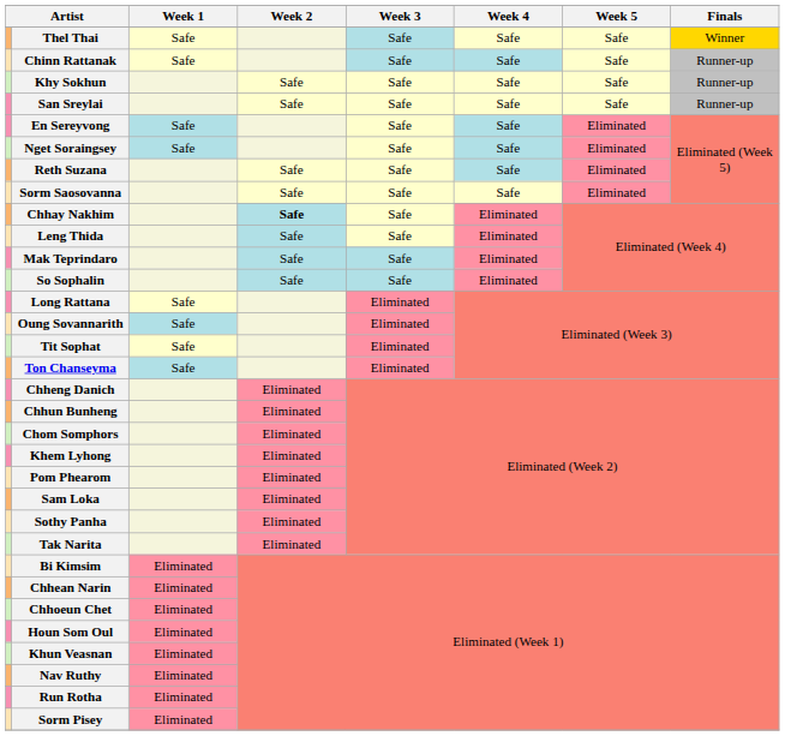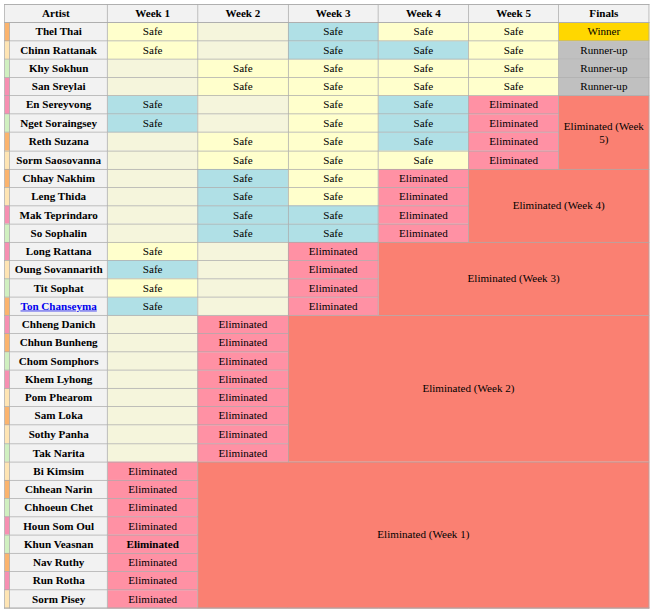 <table class="wikitable"  style="text-align:center; font-size:95%; width:100%;">
 <tr>
 </tr>
 <tr>
 <th colspan="2">Artist</th>
 <th style="width:14%;">Week 1</th>
 <th style="width:14%;">Week 2</th>
 <th style="width:14%;">Week 3</th>
 <th style="width:14%;">Week 4</th>
 <th style="width:14%;">Week 5</th>
 <th style="width:14%;">Finals</th>
 </tr>
 <tr>
 </tr>
 <tr>
 <th style="background:#fbb46e;"></th>
 <th>Thel Thai</th>
 <td style="background:#ffc;">Safe</td>
 <td style="background:#F5F5DC;"></td>
 <td style="background:#B0E0E6;">Safe</td>
 <td style="background:#ffc;">Safe</td>
 <td style="background:#ffc;">Safe</td>
 <td style="background:gold;">Winner</td>
 </tr>
 <tr>
 <th style="background:#ffe5b4;"></th>
 <th>Chinn Rattanak</th>
 <td style="background:#ffc;">Safe</td>
 <td style="background:#F5F5DC;"></td>
 <td style="background:#B0E0E6;">Safe</td>
 <td style="background:#B0E0E6;">Safe</td>
 <td style="background:#ffc;">Safe</td>
 <td style="background:silver;">Runner-up</td>
 </tr>
 <tr>
 <th style="background:#d0f0c0;"></th>
 <th>Khy Sokhun</th>
 <td style="background:#F5F5DC;"></td>
 <td style="background:#ffc;">Safe</td>
 <td style="background:#ffc;">Safe</td>
 <td style="background:#ffc;">Safe</td>
 <td style="background:#ffc;">Safe</td>
 <td style="background:silver;">Runner-up</td>
 </tr>
 <tr>
 <th style="background:#f78fb2;"></th>
 <th>San Sreylai</th>
 <td style="background:#F5F5DC;"></td>
 <td style="background:#ffc;">Safe</td>
 <td style="background:#ffc;">Safe</td>
 <td style="background:#ffc;">Safe</td>
 <td style="background:#ffc;">Safe</td>
 <td style="background:silver;">Runner-up</td>
 </tr>
 <tr>
 <th style="background:#f78fb2;"></th>
 <th>En Sereyvong</th>
 <td style="background:#B0E0E6;">Safe</td>
 <td style="background:#F5F5DC;"></td>
 <td style="background:#ffc;">Safe</td>
 <td style="background:#B0E0E6;">Safe</td>
 <td style="background:#FF91A4;">Eliminated</td>
 <td rowspan="4" colspan="5" style="background:salmon;">Eliminated (Week 5)</td>
 </tr>
 <tr>
 <th style="background:#d0f0c0;"></th>
 <th>Nget Soraingsey</th>
 <td style="background:#B0E0E6;">Safe</td>
 <td style="background:#F5F5DC;"></td>
 <td style="background:#ffc;">Safe</td>
 <td style="background:#B0E0E6;">Safe</td>
 <td style="background:#FF91A4;">Eliminated</td>
 </tr>
 <tr>
 <th style="background:#fbb46e;"></th>
 <th>Reth Suzana</th>
 <td style="background:#F5F5DC;"></td>
 <td style="background:#ffc;">Safe</td>
 <td style="background:#ffc;">Safe</td>
 <td style="background:#B0E0E6;">Safe</td>
 <td style="background:#FF91A4;">Eliminated</td>
 </tr>
 <tr>
 <th style="background:#ffe5b4;"></th>
 <th>Sorm Saosovanna</th>
 <td style="background:#F5F5DC;"></td>
 <td style="background:#ffc;">Safe</td>
 <td style="background:#ffc;">Safe</td>
 <td style="background:#ffc;">Safe</td>
 <td style="background:#FF91A4;">Eliminated</td>
 </tr>
 <tr>
 <th style="background:#fbb46e;"></th>
 <th>Chhay Nakhim</th>
 <td style="background:#F5F5DC;"></td>
-<td style="background:#B0E0E6;"><strong>Safe</strong></td>
+<td style="background:#B0E0E6;">Safe</td>
 <td style="background:#ffc;">Safe</td>
 <td style="background:#FF91A4;">Eliminated</td>
 <td rowspan="4" colspan="5" style="background:salmon;">Eliminated (Week 4)</td>
 </tr>
 <tr>
 <th style="background:#ffe5b4;"></th>
 <th>Leng Thida</th>
 <td style="background:#F5F5DC;"></td>
 <td style="background:#B0E0E6;">Safe</td>
 <td style="background:#ffc;">Safe</td>
 <td style="background:#FF91A4;">Eliminated</td>
 </tr>
 <tr>
 <th style="background:#f78fb2;"></th>
 <th>Mak Teprindaro</th>
 <td style="background:#F5F5DC;"></td>
 <td style="background:#B0E0E6;">Safe</td>
 <td style="background:#B0E0E6;">Safe</td>
 <td style="background:#FF91A4;">Eliminated</td>
 </tr>
 <tr>
 <th style="background:#d0f0c0;"></th>
 <th>So Sophalin</th>
 <td style="background:#F5F5DC;"></td>
 <td style="background:#B0E0E6;">Safe</td>
 <td style="background:#B0E0E6;">Safe</td>
 <td style="background:#FF91A4;">Eliminated</td>
 </tr>
 <tr>
 <th style="background:#f78fb2;"></th>
 <th>Long Rattana</th>
 <td style="background:#ffc;">Safe</td>
 <td style="background:#F5F5DC;"></td>
 <td style="background:#FF91A4;">Eliminated</td>
 <td rowspan="4" colspan="5" style="background:salmon;">Eliminated (Week 3)</td>
 </tr>
 <tr>
 <th style="background:#ffe5b4;"></th>
 <th>Oung Sovannarith</th>
 <td style="background:#B0E0E6;">Safe</td>
 <td style="background:#F5F5DC;"></td>
 <td style="background:#FF91A4;">Eliminated</td>
 </tr>
 <tr>
 <th style="background:#d0f0c0;"></th>
 <th>Tit Sophat</th>
 <td style="background:#ffc;">Safe</td>
 <td style="background:#F5F5DC;"></td>
 <td style="background:#FF91A4;">Eliminated</td>
 </tr>
 <tr>
 <th style="background:#fbb46e;"></th>
 <th><a href='#'>Ton Chanseyma</a></th>
 <td style="background:#B0E0E6;">Safe</td>
 <td style="background:#F5F5DC;"></td>
 <td style="background:#FF91A4;">Eliminated</td>
 </tr>
 <tr>
 <th style="background:#f78fb2;"></th>
 <th>Chheng Danich</th>
 <td style="background:#F5F5DC;"></td>
 <td style="background:#FF91A4;">Eliminated</td>
 <td rowspan="8" colspan="5" style="background:salmon;">Eliminated (Week 2)</td>
 </tr>
 <tr>
 <th style="background:#fbb46e;"></th>
 <th>Chhun Bunheng</th>
 <td style="background:#F5F5DC;"></td>
 <td style="background:#FF91A4;">Eliminated</td>
 </tr>
 <tr>
 <th style="background:#d0f0c0;"></th>
 <th>Chom Somphors</th>
 <td style="background:#F5F5DC;"></td>
 <td style="background:#FF91A4;">Eliminated</td>
 </tr>
 <tr>
 <th style="background:#f78fb2;"></th>
 <th>Khem Lyhong</th>
 <td style="background:#F5F5DC;"></td>
 <td style="background:#FF91A4;">Eliminated</td>
 </tr>
 <tr>
 <th style="background:#ffe5b4;"></th>
 <th>Pom Phearom</th>
 <td style="background:#F5F5DC;"></td>
 <td style="background:#FF91A4;">Eliminated</td>
 </tr>
 <tr>
 <th style="background:#fbb46e;"></th>
 <th>Sam Loka</th>
 <td style="background:#F5F5DC;"></td>
 <td style="background:#FF91A4;">Eliminated</td>
 </tr>
 <tr>
 <th style="background:#ffe5b4;"></th>
 <th>Sothy Panha</th>
 <td style="background:#F5F5DC;"></td>
 <td style="background:#FF91A4;">Eliminated</td>
 </tr>
 <tr>
 <th style="background:#d0f0c0;"></th>
 <th>Tak Narita</th>
 <td style="background:#F5F5DC;"></td>
 <td style="background:#FF91A4;">Eliminated</td>
 </tr>
 <tr>
 <th style="background:#ffe5b4;"></th>
 <th>Bi Kimsim</th>
 <td style="background:#FF91A4;">Eliminated</td>
 <td rowspan="8" colspan="6" style="background:salmon;">Eliminated (Week 1)</td>
 </tr>
 <tr>
 <th style="background:#fbb46e;"></th>
 <th>Chhean Narin</th>
 <td style="background:#FF91A4;">Eliminated</td>
 </tr>
 <tr>
 <th style="background:#d0f0c0;"></th>
 <th>Chhoeun Chet</th>
 <td style="background:#FF91A4;">Eliminated</td>
 </tr>
 <tr>
 <th style="background:#f78fb2;"></th>
 <th>Houn Som Oul</th>
 <td style="background:#FF91A4;">Eliminated</td>
 </tr>
 <tr>
 <th style="background:#d0f0c0;"></th>
 <th>Khun Veasnan</th>
-<td style="background:#FF91A4;">Eliminated</td>
+<td style="background:#FF91A4;"><strong>Eliminated</strong></td>
 </tr>
 <tr>
 <th style="background:#fbb46e;"></th>
 <th>Nav Ruthy</th>
 <td style="background:#FF91A4;">Eliminated</td>
 </tr>
 <tr>
 <th style="background:#f78fb2;"></th>
 <th>Run Rotha</th>
 <td style="background:#FF91A4;">Eliminated</td>
 </tr>
 <tr>
 <th style="background:#ffe5b4;"></th>
 <th>Sorm Pisey</th>
 <td style="background:#FF91A4;">Eliminated</td>
 </tr>
 <tr>
 </tr>
 </table>
